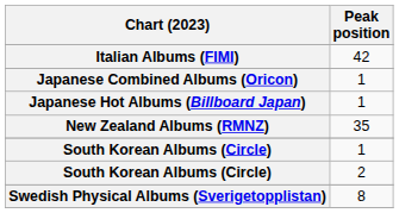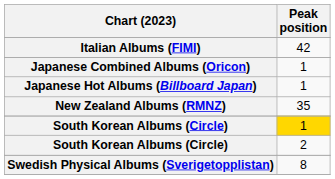 <table class="wikitable plainrowheaders sortable" style="text-align:center">
 <tr>
 <th scope="col">Chart (2023)</th>
 <th scope="col">Peak<br>position</th>
 </tr>
 <tr>
 </tr>
 <tr>
 </tr>
 <tr>
 </tr>
 <tr>
 </tr>
 <tr>
 </tr>
 <tr>
 </tr>
 <tr>
 </tr>
 <tr>
 </tr>
 <tr>
 <th scope="row">Italian Albums (<a href='#'>FIMI</a>)</th>
 <td>42</td>
 </tr>
 <tr>
 </tr>
 <tr>
 <th scope="row">Japanese Combined Albums (<a href='#'>Oricon</a>)</th>
 <td>1</td>
 </tr>
 <tr>
 <th scope="row">Japanese Hot Albums (<em><a href='#'>Billboard Japan</a></em>)</th>
 <td>1</td>
 </tr>
 <tr>
 <th scope="row">New Zealand Albums (<a href='#'>RMNZ</a>)</th>
 <td>35</td>
 </tr>
 <tr>
 </tr>
 <tr>
 <th scope="row">South Korean Albums (<a href='#'>Circle</a>)</th>
-<td>1</td>
+<td style="background: gold;">1</td>
 </tr>
 <tr>
 <th scope="row">South Korean Albums (Circle)<br></th>
 <td>2</td>
 </tr>
 <tr>
 </tr>
 <tr>
 <th scope="row">Swedish Physical Albums (<a href='#'>Sverigetopplistan</a>)</th>
 <td>8</td>
 </tr>
 <tr>
 </tr>
 <tr>
 </tr>
 <tr>
 </tr>
 </table>
